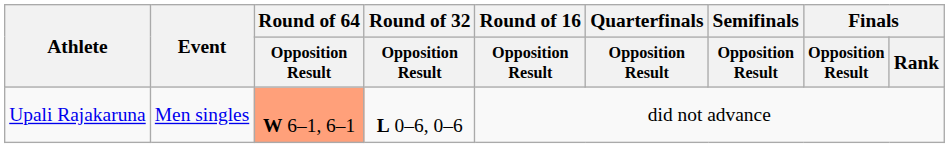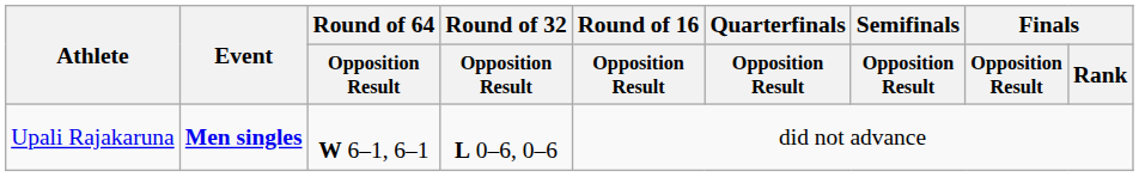 <table class=wikitable style="font-size:90%">
 <tr>
 <th rowspan="2">Athlete</th>
 <th rowspan="2">Event</th>
 <th>Round of 64</th>
 <th>Round of 32</th>
 <th>Round of 16</th>
 <th>Quarterfinals</th>
 <th>Semifinals</th>
 <th colspan="2">Finals</th>
 </tr>
 <tr>
 <th style="line-height:1em"><small>Opposition<br>Result</small></th>
 <th style="line-height:1em"><small>Opposition<br>Result</small></th>
 <th style="line-height:1em"><small>Opposition<br>Result</small></th>
 <th style="line-height:1em"><small>Opposition<br>Result</small></th>
 <th style="line-height:1em"><small>Opposition<br>Result</small></th>
 <th style="line-height:1em"><small>Opposition<br>Result</small></th>
 <th>Rank</th>
 </tr>
 <tr>
 <td><a href='#'>Upali Rajakaruna</a></td>
-<td><a href='#'>Men singles</a></td>
-<td align="center" style="background: lightsalmon;"><br><strong>W</strong> 6–1, 6–1</td>
+<td><strong><a href='#'>Men singles</a></strong></td>
+<td align="center"><br><strong>W</strong> 6–1, 6–1</td>
 <td align="center"><br><strong>L</strong> 0–6, 0–6</td>
 <td align="center" colspan="5">did not advance</td>
 </tr>
 </table>
